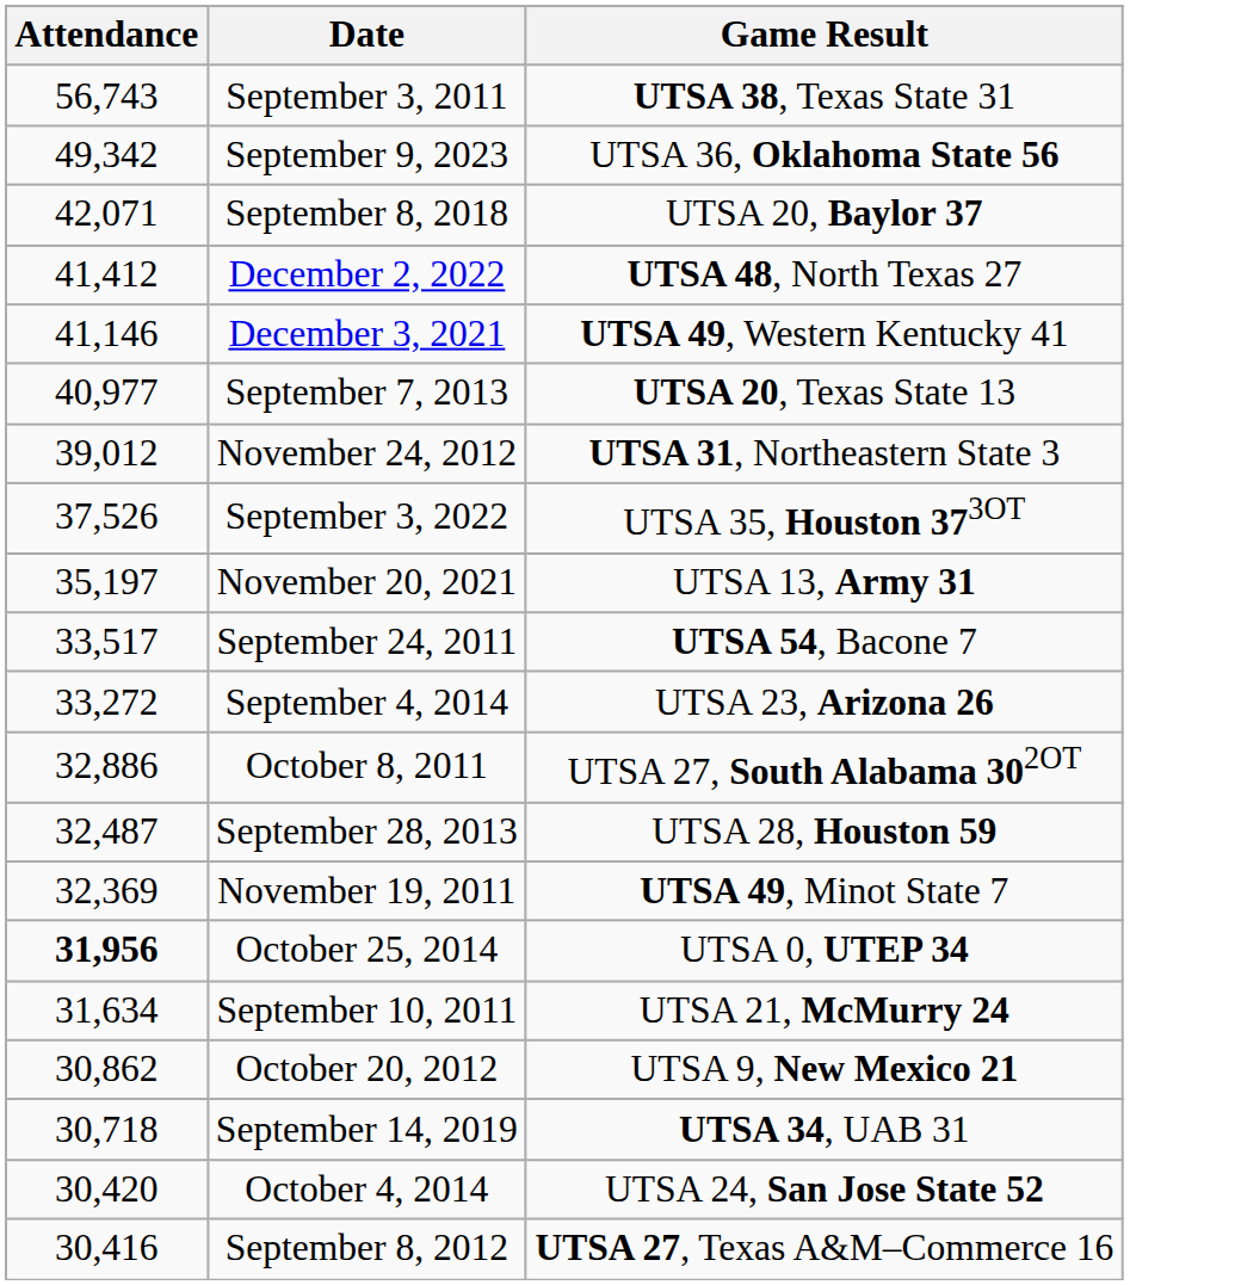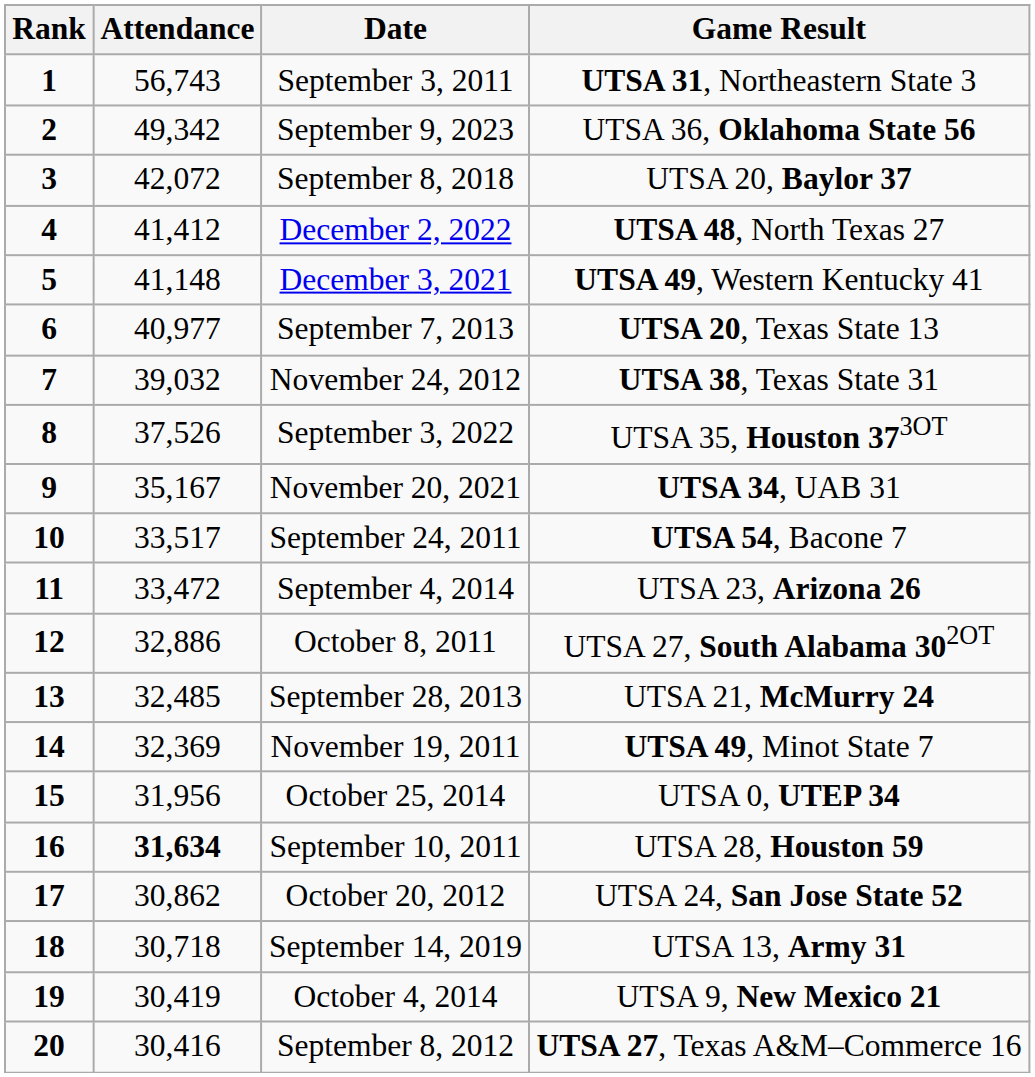 <table class="wikitable">
 <tr>
+<th>Rank</th>
 <th>Attendance</th>
 <th>Date</th>
 <th>Game Result</th>
 </tr>
 <tr align="center">
+<td><strong>1</strong></td>
 <td>56,743</td>
 <td>September 3, 2011</td>
-<td><strong>UTSA 38</strong>, Texas State 31</td>
+<td><strong>UTSA 31</strong>, Northeastern State 3</td>
 </tr>
 <tr align="center">
+<td><strong>2</strong></td>
 <td>49,342</td>
 <td>September 9, 2023</td>
 <td>UTSA 36, <strong> Oklahoma State 56</strong></td>
 </tr>
 <tr align="center">
-<td>42,071</td>
+<td><strong>3</strong></td>
+<td>42,072</td>
 <td>September 8, 2018</td>
 <td>UTSA 20, <strong>Baylor 37</strong></td>
 </tr>
 <tr align="center">
+<td><strong>4</strong></td>
 <td>41,412</td>
 <td><a href='#'>December 2, 2022</a></td>
 <td><strong> UTSA 48</strong>, North Texas 27</td>
 </tr>
 <tr align="center">
-<td>41,146</td>
+<td><strong>5</strong></td>
+<td>41,148</td>
 <td><a href='#'>December 3, 2021</a></td>
 <td><strong>UTSA 49</strong>, Western Kentucky 41</td>
 </tr>
 <tr align="center">
+<td><strong>6</strong></td>
 <td>40,977</td>
 <td>September 7, 2013</td>
 <td><strong>UTSA 20</strong>, Texas State 13</td>
 </tr>
 <tr align="center">
-<td>39,012</td>
+<td><strong>7</strong></td>
+<td>39,032</td>
 <td>November 24, 2012</td>
-<td><strong>UTSA 31</strong>, Northeastern State 3</td>
+<td><strong>UTSA 38</strong>, Texas State 31</td>
 </tr>
 <tr align="center">
+<td><strong>8</strong></td>
 <td>37,526</td>
 <td>September 3, 2022</td>
 <td>UTSA 35, <strong> Houston 37</strong><sup>3OT</sup></td>
 </tr>
 <tr align="center">
-<td>35,197</td>
+<td><strong>9</strong></td>
+<td>35,167</td>
 <td>November 20, 2021</td>
-<td>UTSA 13, <strong>Army 31</strong></td>
+<td><strong> UTSA 34</strong>, UAB 31</td>
 </tr>
 <tr align="center">
+<td><strong>10</strong></td>
 <td>33,517</td>
 <td>September 24, 2011</td>
 <td><strong>UTSA 54</strong>, Bacone 7</td>
 </tr>
 <tr align="center">
-<td>33,272</td>
+<td><strong>11</strong></td>
+<td>33,472</td>
 <td>September 4, 2014</td>
 <td>UTSA 23, <strong>Arizona 26</strong></td>
 </tr>
 <tr align="center">
+<td><strong>12</strong></td>
 <td>32,886</td>
 <td>October 8, 2011</td>
 <td>UTSA 27, <strong>South Alabama 30</strong><sup>2OT</sup></td>
 </tr>
 <tr align="center">
-<td>32,487</td>
+<td><strong>13</strong></td>
+<td>32,485</td>
 <td>September 28, 2013</td>
-<td>UTSA 28, <strong>Houston 59</strong></td>
+<td>UTSA 21, <strong>McMurry 24</strong></td>
 </tr>
 <tr align="center">
+<td><strong>14</strong></td>
 <td>32,369</td>
 <td>November 19, 2011</td>
 <td><strong>UTSA 49</strong>, Minot State 7</td>
 </tr>
 <tr align="center">
-<td><strong>31,956</strong></td>
+<td><strong>15</strong></td>
+<td>31,956</td>
 <td>October 25, 2014</td>
 <td>UTSA 0, <strong>UTEP 34</strong></td>
 </tr>
 <tr align="center">
-<td>31,634</td>
+<td><strong>16</strong></td>
+<td><strong>31,634</strong></td>
 <td>September 10, 2011</td>
-<td>UTSA 21, <strong>McMurry 24</strong></td>
+<td>UTSA 28, <strong>Houston 59</strong></td>
 </tr>
 <tr align="center">
+<td><strong>17</strong></td>
 <td>30,862</td>
 <td>October 20, 2012</td>
+<td>UTSA 24, <strong>San Jose State 52</strong></td>
+</tr>
+<tr align="center">
+<td><strong>18</strong></td>
+<td>30,718</td>
+<td>September 14, 2019</td>
+<td>UTSA 13, <strong>Army 31</strong></td>
+</tr>
+<tr align="center">
+<td><strong>19</strong></td>
+<td>30,419</td>
+<td>October 4, 2014</td>
 <td>UTSA 9, <strong>New Mexico 21</strong></td>
 </tr>
 <tr align="center">
-<td>30,718</td>
-<td>September 14, 2019</td>
-<td><strong> UTSA 34</strong>, UAB 31</td>
-</tr>
-<tr align="center">
-<td>30,420</td>
-<td>October 4, 2014</td>
-<td>UTSA 24, <strong>San Jose State 52</strong></td>
-</tr>
-<tr align="center">
+<td><strong>20</strong></td>
 <td>30,416</td>
 <td>September 8, 2012</td>
 <td><strong>UTSA 27</strong>, Texas A&M–Commerce 16</td>
 </tr>
 </table>
